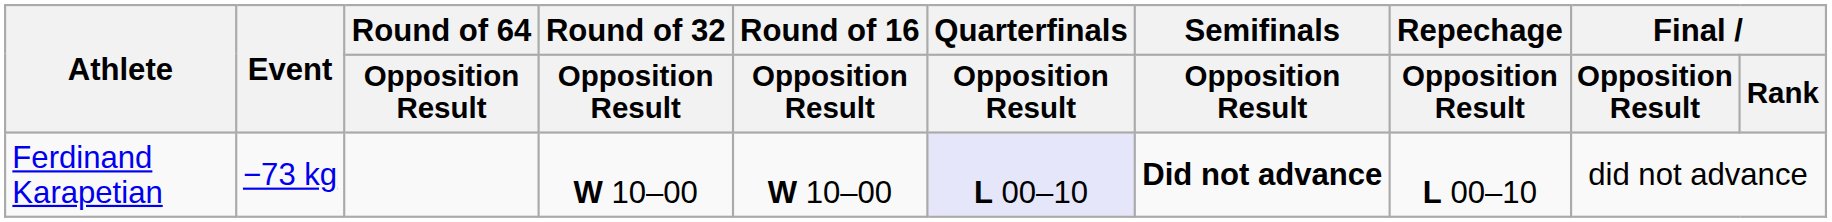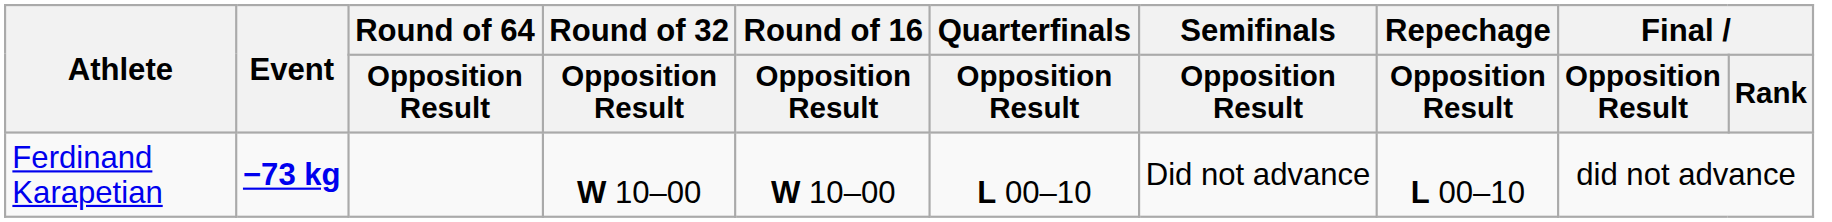 <table class="wikitable" style="text-align:center; font-size:90%">
 <tr>
 <th rowspan=2 width=100>Athlete</th>
 <th rowspan=2>Event</th>
 <th>Round of 64</th>
 <th>Round of 32</th>
 <th>Round of 16</th>
 <th>Quarterfinals</th>
 <th>Semifinals</th>
 <th>Repechage</th>
 <th colspan=2>Final / </th>
 </tr>
 <tr style="font-size:95%">
 <th>Opposition<br>Result</th>
 <th>Opposition<br>Result</th>
 <th>Opposition<br>Result</th>
 <th>Opposition<br>Result</th>
 <th>Opposition<br>Result</th>
 <th>Opposition<br>Result</th>
 <th>Opposition<br>Result</th>
 <th>Rank</th>
 </tr>
 <tr>
 <td align=left><a href='#'>Ferdinand Karapetian</a></td>
-<td align=left><a href='#'>−73 kg</a></td>
+<td align=left><strong><a href='#'>−73 kg</a></strong></td>
 <td></td>
 <td><br><strong>W</strong> 10–00</td>
 <td><br><strong>W</strong> 10–00</td>
-<td style="background: lavender;"><br><strong>L</strong> 00–10</td>
-<td><strong>Did not advance</strong></td>
+<td><br><strong>L</strong> 00–10</td>
+<td>Did not advance</td>
 <td><br><strong>L</strong> 00–10</td>
 <td colspan=2>did not advance</td>
 </tr>
 </table>
